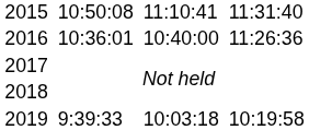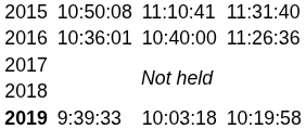 <table>
 <tr>
 <td>2015</td>
 <td></td>
 <td>10:50:08</td>
 <td></td>
 <td>11:10:41</td>
 <td></td>
 <td>11:31:40</td>
 </tr>
 <tr>
 <td>2016</td>
 <td></td>
 <td>10:36:01</td>
 <td></td>
 <td>10:40:00</td>
 <td></td>
 <td>11:26:36</td>
 </tr>
 <tr>
 <td>2017</td>
 <td colspan=6 rowspan=2 align="center"><em>Not held</em></td>
 </tr>
 <tr>
 <td>2018</td>
 </tr>
 <tr>
-<td>2019</td>
+<td><strong>2019</strong></td>
 <td></td>
 <td>9:39:33</td>
 <td></td>
 <td>10:03:18</td>
 <td></td>
 <td>10:19:58</td>
 </tr>
 </table>
